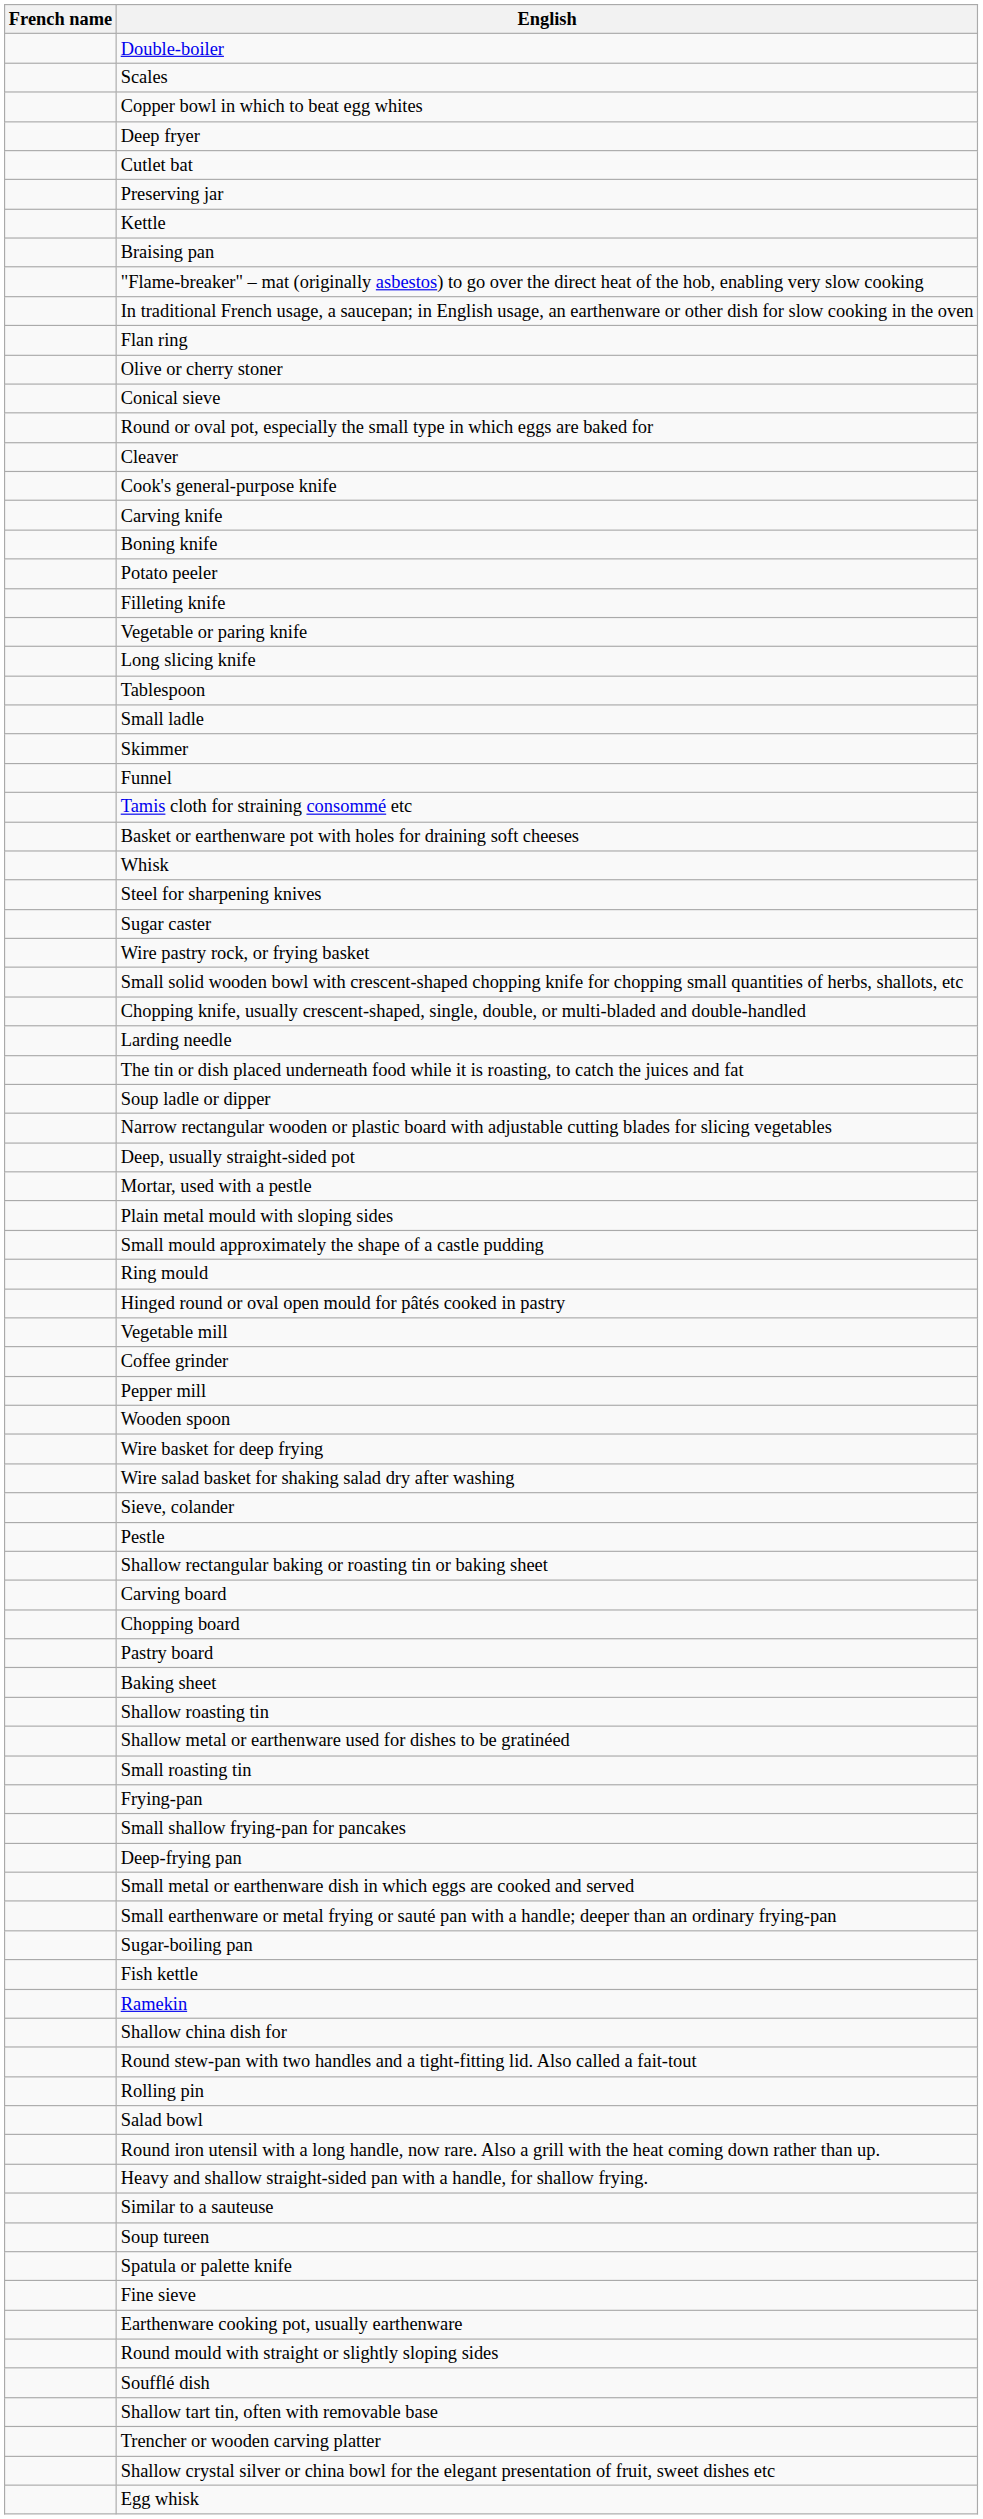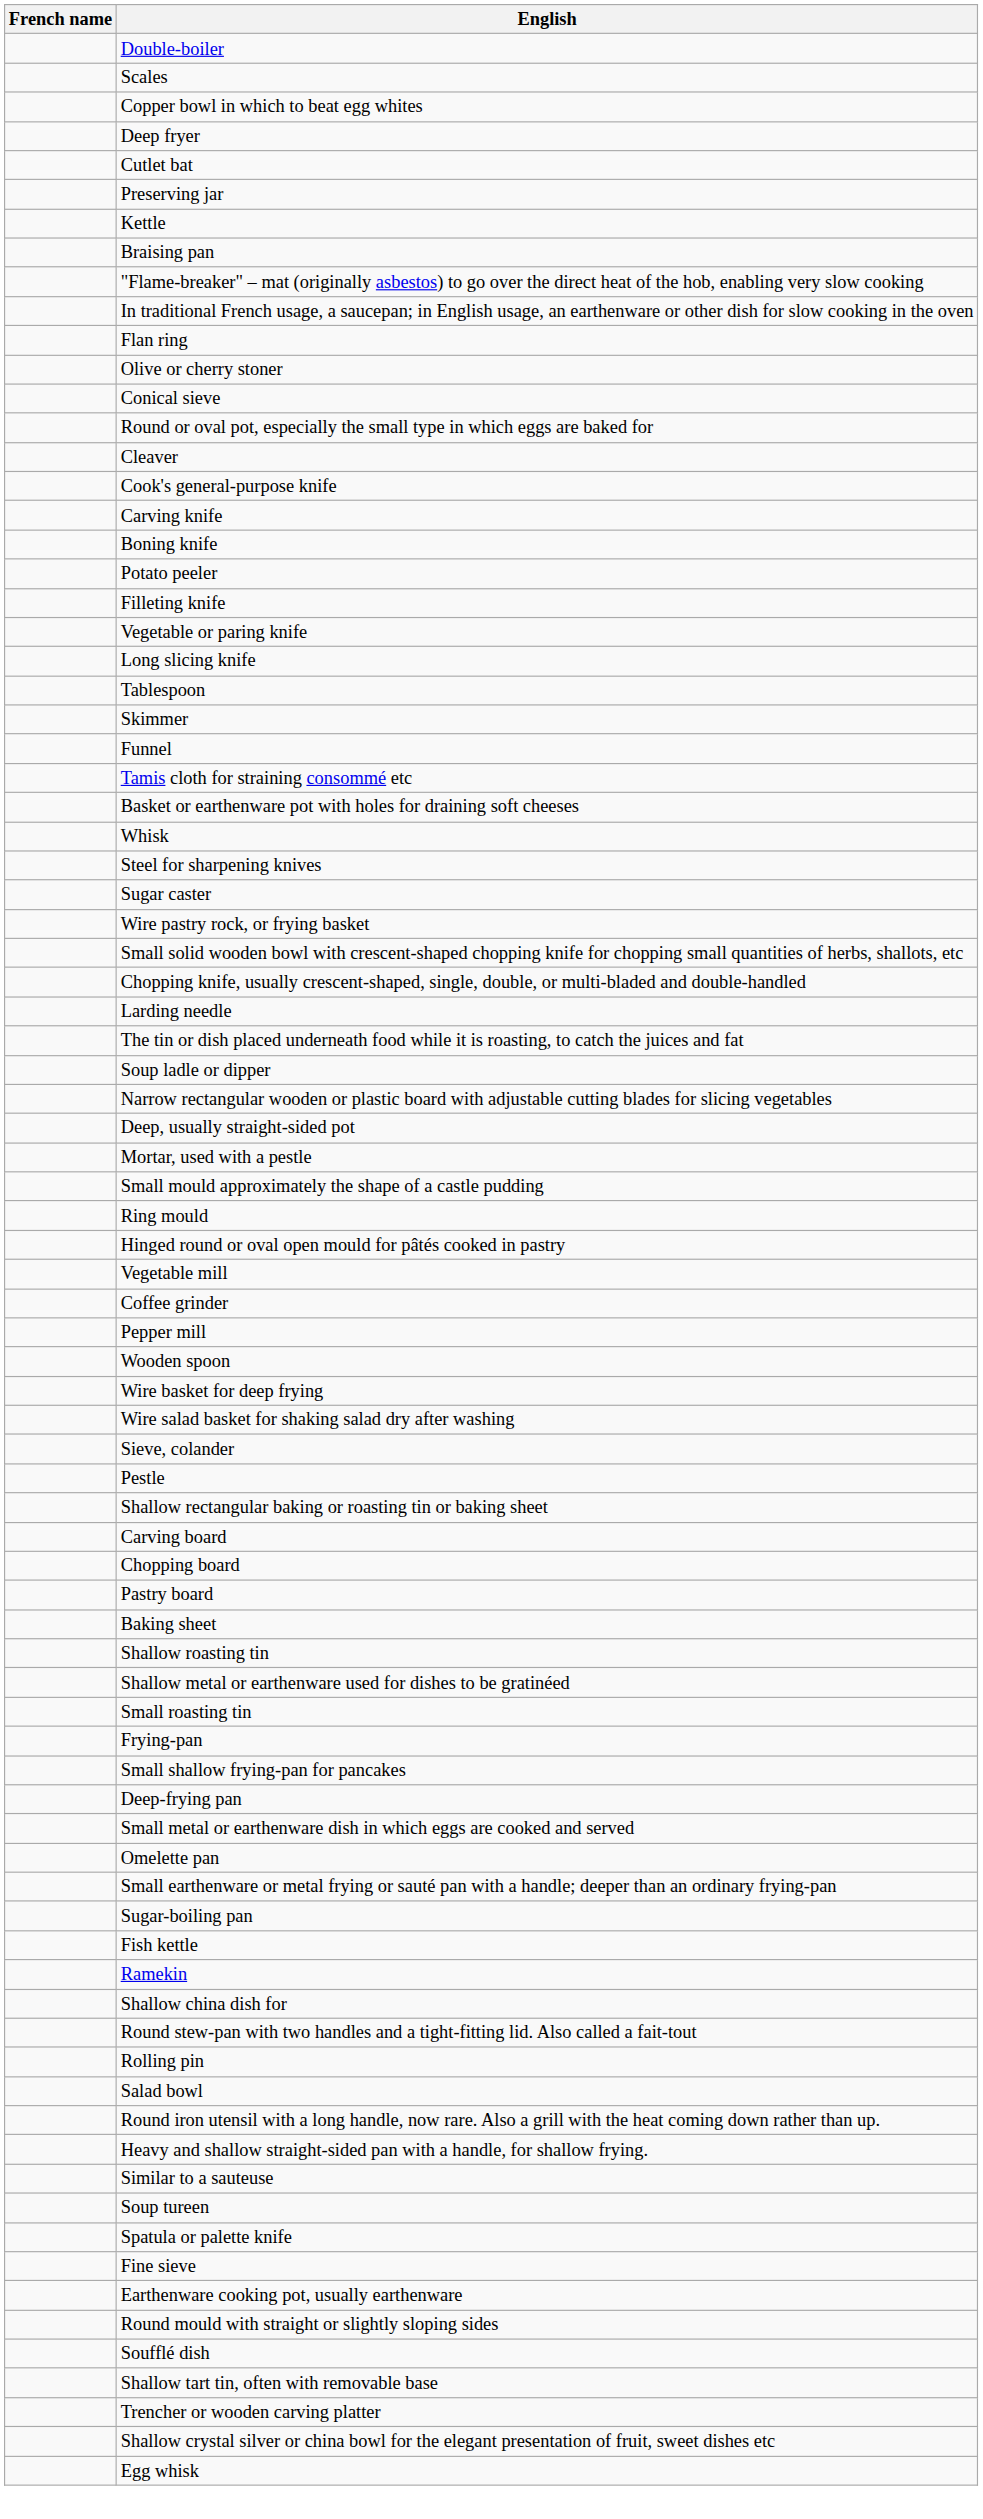 <table class="wikitable plainrowheaders" style="text-align: left; margin-right: 0;">
 <tr>
 <th scope="col" ! scope="col">French name</th>
 <th scope="col">English</th>
 </tr>
 <tr>
 <td></td>
 <td><a href='#'>Double-boiler</a></td>
 </tr>
 <tr>
 <td></td>
 <td>Scales</td>
 </tr>
 <tr>
 <td></td>
 <td>Copper bowl in which to beat egg whites</td>
 </tr>
 <tr>
 <td></td>
 <td>Deep fryer</td>
 </tr>
 <tr>
 <td></td>
 <td>Cutlet bat</td>
 </tr>
 <tr>
 <td></td>
 <td>Preserving jar</td>
 </tr>
 <tr>
 <td></td>
 <td>Kettle</td>
 </tr>
 <tr>
 <td></td>
 <td>Braising pan</td>
 </tr>
 <tr>
 <td></td>
 <td>"Flame-breaker" – mat (originally <a href='#'>asbestos</a>) to go over the direct heat of the hob, enabling very slow cooking</td>
 </tr>
 <tr>
 <td></td>
 <td>In traditional French usage, a saucepan; in English usage, an earthenware or other dish for slow cooking in the oven</td>
 </tr>
 <tr>
 <td></td>
 <td>Flan ring</td>
 </tr>
 <tr>
 <td></td>
 <td>Olive or cherry stoner</td>
 </tr>
 <tr>
 <td></td>
 <td>Conical sieve</td>
 </tr>
 <tr>
 <td></td>
 <td>Round or oval pot, especially the small type in which eggs are baked for </td>
 </tr>
 <tr>
 <td></td>
 <td>Cleaver</td>
 </tr>
 <tr>
 <td></td>
 <td>Cook's general-purpose knife</td>
 </tr>
 <tr>
 <td></td>
 <td>Carving knife</td>
 </tr>
 <tr>
 <td></td>
 <td>Boning knife</td>
 </tr>
 <tr>
 <td></td>
 <td>Potato peeler</td>
 </tr>
 <tr>
 <td></td>
 <td>Filleting knife</td>
 </tr>
 <tr>
 <td></td>
 <td>Vegetable or paring knife</td>
 </tr>
 <tr>
 <td></td>
 <td>Long slicing knife</td>
 </tr>
 <tr>
 <td></td>
 <td>Tablespoon</td>
 </tr>
 <tr>
 <td></td>
-<td>Small ladle</td>
-</tr>
-<tr>
-<td></td>
 <td>Skimmer</td>
 </tr>
 <tr>
 <td></td>
 <td>Funnel</td>
 </tr>
 <tr>
 <td></td>
 <td><a href='#'>Tamis</a> cloth for straining <a href='#'>consommé</a> etc</td>
 </tr>
 <tr>
 <td></td>
 <td>Basket or earthenware pot with holes for draining soft cheeses</td>
 </tr>
 <tr>
 <td></td>
 <td>Whisk</td>
 </tr>
 <tr>
 <td></td>
 <td>Steel for sharpening knives</td>
 </tr>
 <tr>
 <td></td>
 <td>Sugar caster</td>
 </tr>
 <tr>
 <td></td>
 <td>Wire pastry rock, or frying basket</td>
 </tr>
 <tr>
 <td></td>
 <td>Small solid wooden bowl with crescent-shaped chopping knife for chopping small quantities of herbs, shallots, etc</td>
 </tr>
 <tr>
 <td></td>
 <td>Chopping knife, usually crescent-shaped, single, double, or multi-bladed and double-handled</td>
 </tr>
 <tr>
 <td></td>
 <td>Larding needle</td>
 </tr>
 <tr>
 <td></td>
 <td>The tin or dish placed underneath food while it is roasting, to catch the juices and fat</td>
 </tr>
 <tr>
 <td></td>
 <td>Soup ladle or dipper</td>
 </tr>
 <tr>
 <td></td>
 <td>Narrow rectangular wooden or plastic board with adjustable cutting blades for slicing vegetables</td>
 </tr>
 <tr>
 <td></td>
 <td>Deep, usually straight-sided pot</td>
 </tr>
 <tr>
 <td></td>
 <td>Mortar, used with a pestle</td>
-</tr>
-<tr>
-<td></td>
-<td>Plain metal mould with sloping sides</td>
 </tr>
 <tr>
 <td></td>
 <td>Small mould approxi­mately the shape of a castle pud­ding</td>
 </tr>
 <tr>
 <td></td>
 <td>Ring mould</td>
 </tr>
 <tr>
 <td></td>
 <td>Hinged round or oval open mould for pâtés cooked in pastry</td>
 </tr>
 <tr>
 <td></td>
 <td>Vegetable mill</td>
 </tr>
 <tr>
 <td></td>
 <td>Coffee grinder</td>
 </tr>
 <tr>
 <td></td>
 <td>Pepper mill</td>
 </tr>
 <tr>
 <td></td>
 <td>Wooden spoon</td>
 </tr>
 <tr>
 <td></td>
 <td>Wire basket for deep frying</td>
 </tr>
 <tr>
 <td></td>
 <td>Wire salad basket for shaking salad dry after washing</td>
 </tr>
 <tr>
 <td></td>
 <td>Sieve, colander</td>
 </tr>
 <tr>
 <td></td>
 <td>Pestle</td>
 </tr>
 <tr>
 <td></td>
 <td>Shallow rectangular baking or roasting tin or baking sheet</td>
 </tr>
 <tr>
 <td></td>
 <td>Carving board</td>
 </tr>
 <tr>
 <td></td>
 <td>Chopping board</td>
 </tr>
 <tr>
 <td></td>
 <td>Pastry board</td>
 </tr>
 <tr>
 <td></td>
 <td>Baking sheet</td>
 </tr>
 <tr>
 <td></td>
 <td>Shallow roasting tin</td>
 </tr>
 <tr>
 <td></td>
 <td>Shallow metal or earthenware used for dishes to be gratinéed</td>
 </tr>
 <tr>
 <td></td>
 <td>Small roasting tin</td>
 </tr>
 <tr>
 <td></td>
 <td>Frying-pan</td>
 </tr>
 <tr>
 <td></td>
 <td>Small shallow frying-pan for pancakes</td>
 </tr>
 <tr>
 <td></td>
 <td>Deep-frying pan</td>
 </tr>
 <tr>
 <td></td>
 <td>Small metal or earthenware dish in which eggs are cooked and served</td>
 </tr>
 <tr>
 <td></td>
+<td>Omelette pan</td>
+</tr>
+<tr>
+<td></td>
 <td>Small earthenware or metal frying or sauté pan with a handle; deeper than an ordinary frying-pan</td>
 </tr>
 <tr>
 <td></td>
 <td>Sugar-boiling pan</td>
 </tr>
 <tr>
 <td></td>
 <td>Fish kettle</td>
 </tr>
 <tr>
 <td></td>
 <td><a href='#'>Ramekin</a></td>
 </tr>
 <tr>
 <td></td>
 <td>Shallow china dish for </td>
 </tr>
 <tr>
 <td></td>
 <td>Round stew-pan with two handles and a tight-fitting lid. Also called a fait-tout</td>
 </tr>
 <tr>
 <td></td>
 <td>Rolling pin</td>
 </tr>
 <tr>
 <td></td>
 <td>Salad bowl</td>
 </tr>
 <tr>
 <td></td>
 <td>Round iron utensil with a long handle, now rare. Also a grill with the heat coming down rather than up.</td>
 </tr>
 <tr>
 <td></td>
 <td>Heavy and shallow straight-­sided pan with a handle, for shallow frying.</td>
 </tr>
 <tr>
 <td></td>
 <td>Similar to a sauteuse</td>
 </tr>
 <tr>
 <td></td>
 <td>Soup tureen</td>
 </tr>
 <tr>
 <td></td>
 <td>Spatula or palette knife</td>
 </tr>
 <tr>
 <td></td>
 <td>Fine sieve</td>
 </tr>
 <tr>
 <td></td>
 <td>Earthenware cooking pot, usually earthenware</td>
 </tr>
 <tr>
 <td></td>
 <td>Round mould with straight or slightly sloping sides</td>
 </tr>
 <tr>
 <td></td>
 <td>Soufflé dish</td>
 </tr>
 <tr>
 <td></td>
 <td>Shallow tart tin, often with removable base</td>
 </tr>
 <tr>
 <td></td>
 <td>Trencher or wooden carving platter</td>
 </tr>
 <tr>
 <td></td>
 <td>Shallow crystal silver or china bowl for the elegant presentation of fruit, sweet dishes etc</td>
 </tr>
 <tr>
 <td></td>
 <td>Egg whisk</td>
 </tr>
 </table>
